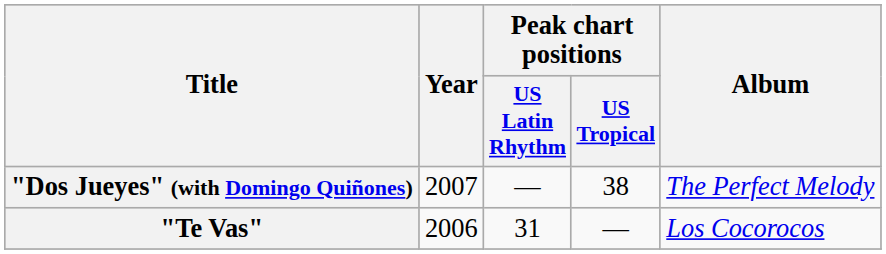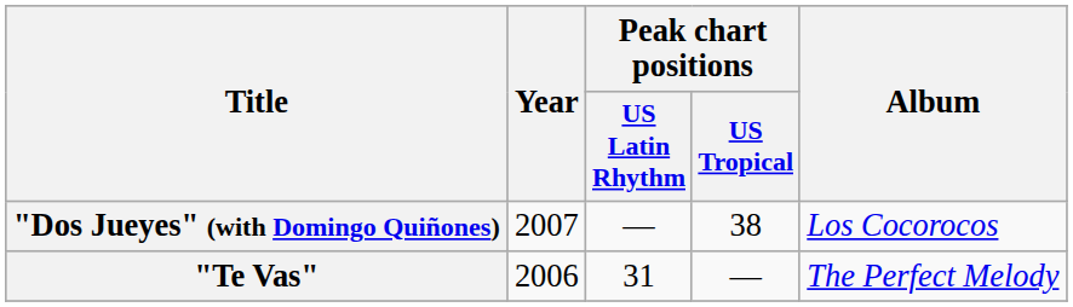 <table class="wikitable plainrowheaders">
 <tr>
 <th rowspan="2">Title</th>
 <th rowspan="2">Year</th>
 <th colspan="2">Peak chart positions</th>
 <th rowspan="2">Album</th>
 </tr>
 <tr style="font-size:smaller;">
 <th width="45"><a href='#'>US Latin Rhythm</a><br></th>
 <th width="45"><a href='#'>US Tropical</a><br></th>
 </tr>
 <tr>
 <th scope="row">"Dos Jueyes" <small>(with <a href='#'>Domingo Quiñones</a>)</small></th>
 <td>2007</td>
 <td align="center">—</td>
 <td align="center">38</td>
-<td><em><a href='#'>The Perfect Melody</a></em></td>
+<td><em><a href='#'>Los Cocorocos</a></em></td>
 </tr>
 <tr>
 <th scope="row">"Te Vas"</th>
 <td>2006</td>
 <td align="center">31</td>
 <td align="center">—</td>
-<td><em><a href='#'>Los Cocorocos</a></em></td>
+<td><em><a href='#'>The Perfect Melody</a></em></td>
 </tr>
 </table>
